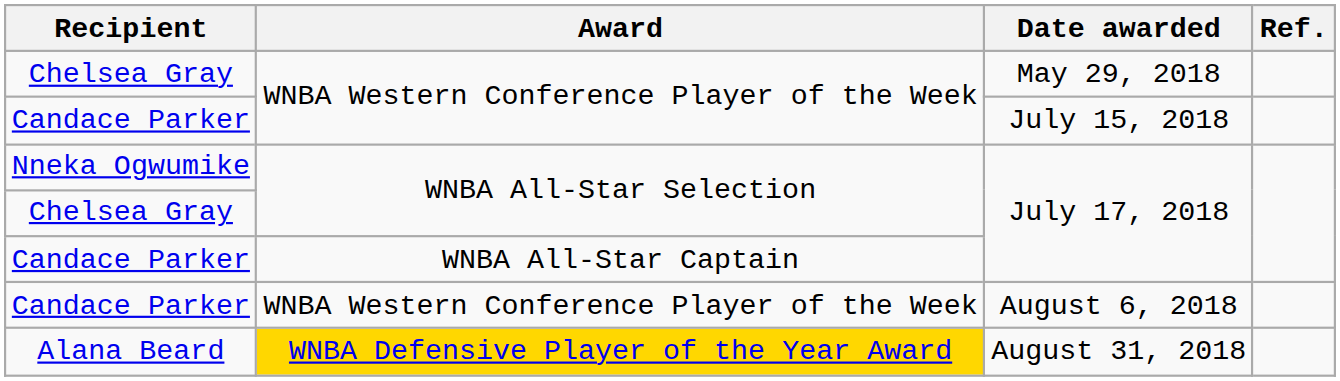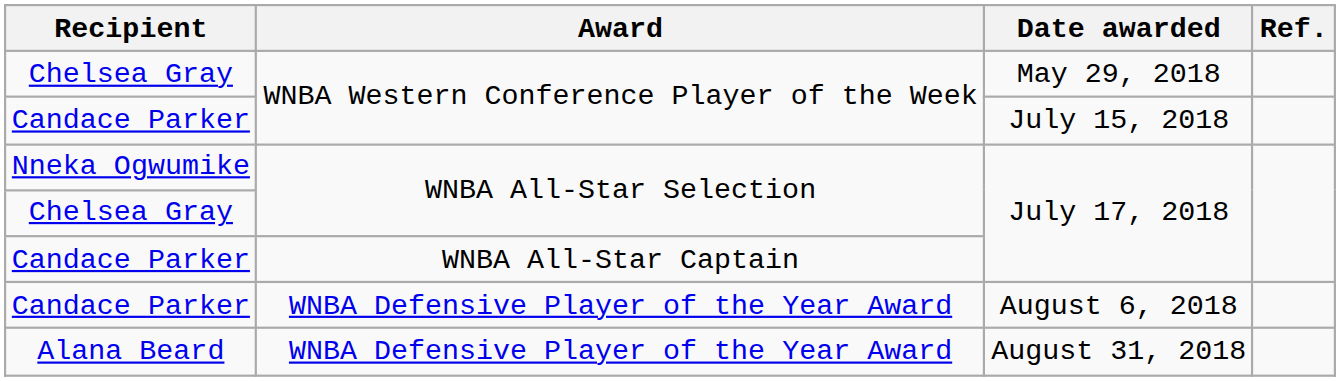 <table class="wikitable sortable sortable" style="text-align: center">
 <tr>
 <th>Recipient</th>
 <th>Award</th>
 <th>Date awarded</th>
 <th>Ref.</th>
 </tr>
 <tr>
 <td><a href='#'>Chelsea Gray</a></td>
 <td rowspan="2">WNBA Western Conference Player of the Week</td>
 <td>May 29, 2018</td>
 <td></td>
 </tr>
 <tr>
 <td><a href='#'>Candace Parker</a></td>
 <td>July 15, 2018</td>
 <td></td>
 </tr>
 <tr>
 <td><a href='#'>Nneka Ogwumike</a></td>
 <td rowspan="2">WNBA All-Star Selection</td>
 <td rowspan="3">July 17, 2018</td>
 <td rowspan="3"></td>
 </tr>
 <tr>
 <td><a href='#'>Chelsea Gray</a></td>
 </tr>
 <tr>
 <td><a href='#'>Candace Parker</a></td>
 <td>WNBA All-Star Captain</td>
 </tr>
 <tr>
 <td><a href='#'>Candace Parker</a></td>
-<td>WNBA Western Conference Player of the Week</td>
+<td><a href='#'>WNBA Defensive Player of the Year Award</a></td>
 <td>August 6, 2018</td>
 <td></td>
 </tr>
 <tr>
 <td><a href='#'>Alana Beard</a></td>
-<td style="background: gold;"><a href='#'>WNBA Defensive Player of the Year Award</a></td>
+<td><a href='#'>WNBA Defensive Player of the Year Award</a></td>
 <td>August 31, 2018</td>
 <td></td>
 </tr>
 </table>
